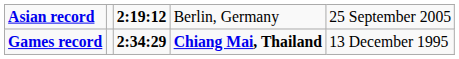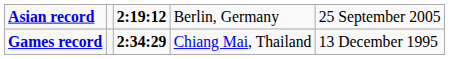 <table class="wikitable">
 <tr>
 <td><strong><a href='#'>Asian record</a></strong></td>
 <td></td>
 <td><strong>2:19:12</strong></td>
 <td>Berlin, Germany</td>
 <td>25 September 2005</td>
 </tr>
 <tr>
 <td><strong><a href='#'>Games record</a></strong></td>
 <td></td>
 <td><strong>2:34:29</strong></td>
-<td><strong><a href='#'>Chiang Mai</a>, Thailand</strong></td>
+<td><a href='#'>Chiang Mai</a>, Thailand</td>
 <td>13 December 1995</td>
 </tr>
 </table>
